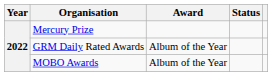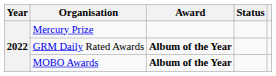 <table class="wikitable plainrowheaders">
 <tr>
 <th scope="col">Year</th>
 <th scope="col">Organisation</th>
 <th scope="col">Award</th>
 <th scope="col">Status</th>
 <th scope="col"></th>
 </tr>
 <tr>
 <th scope="row" rowspan="3">2022</th>
 <td><a href='#'>Mercury Prize</a></td>
 <td></td>
 <td></td>
 <td></td>
 </tr>
 <tr>
 <td><a href='#'>GRM Daily</a> Rated Awards</td>
-<td>Album of the Year</td>
+<td><strong>Album of the Year</strong></td>
 <td></td>
 <td></td>
 </tr>
 <tr>
 <td><a href='#'>MOBO Awards</a></td>
-<td>Album of the Year</td>
+<td><strong>Album of the Year</strong></td>
 <td></td>
 <td></td>
 </tr>
 </table>
